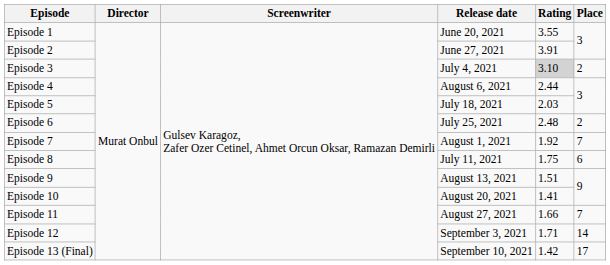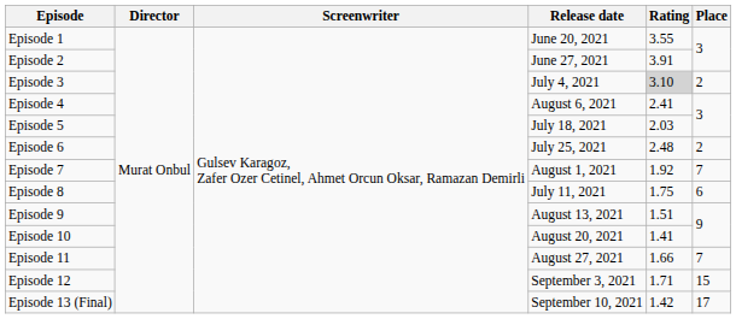 <table class="wikitable">
 <tr>
 <th>Episode</th>
 <th>Director</th>
 <th>Screenwriter</th>
 <th>Release date</th>
 <th>Rating</th>
 <th>Place</th>
 </tr>
 <tr>
 <td>Episode 1</td>
 <td rowspan="13">Murat Onbul</td>
 <td rowspan="13">Gulsev Karagoz,<br>Zafer Ozer Cetinel,  Ahmet Orcun Oksar, Ramazan Demirli</td>
 <td>June 20, 2021</td>
 <td>3.55</td>
 <td rowspan="2">3</td>
 </tr>
 <tr>
 <td>Episode 2</td>
 <td>June 27, 2021</td>
 <td>3.91</td>
 </tr>
 <tr>
 <td>Episode 3</td>
 <td>July 4, 2021</td>
 <td style="background: lightgrey;">3.10</td>
 <td>2</td>
 </tr>
 <tr>
 <td>Episode 4</td>
 <td>August 6, 2021</td>
-<td>2.44</td>
+<td>2.41</td>
 <td rowspan="2">3</td>
 </tr>
 <tr>
 <td>Episode 5</td>
 <td>July 18, 2021</td>
 <td>2.03</td>
 </tr>
 <tr>
 <td>Episode 6</td>
 <td>July 25, 2021</td>
 <td>2.48</td>
 <td>2</td>
 </tr>
 <tr>
 <td>Episode 7</td>
 <td>August 1, 2021</td>
 <td>1.92</td>
 <td>7</td>
 </tr>
 <tr>
 <td>Episode 8</td>
 <td>July 11, 2021</td>
 <td>1.75</td>
 <td>6</td>
 </tr>
 <tr>
 <td>Episode 9</td>
 <td>August 13, 2021</td>
 <td>1.51</td>
 <td rowspan="2">9</td>
 </tr>
 <tr>
 <td>Episode 10</td>
 <td>August 20, 2021</td>
 <td>1.41</td>
 </tr>
 <tr>
 <td>Episode 11</td>
 <td>August 27, 2021</td>
 <td>1.66</td>
 <td>7</td>
 </tr>
 <tr>
 <td>Episode 12</td>
 <td>September 3, 2021</td>
 <td>1.71</td>
-<td>14</td>
+<td>15</td>
 </tr>
 <tr>
 <td>Episode 13 (Final)</td>
 <td>September 10, 2021</td>
 <td>1.42</td>
 <td>17</td>
 </tr>
 </table>
